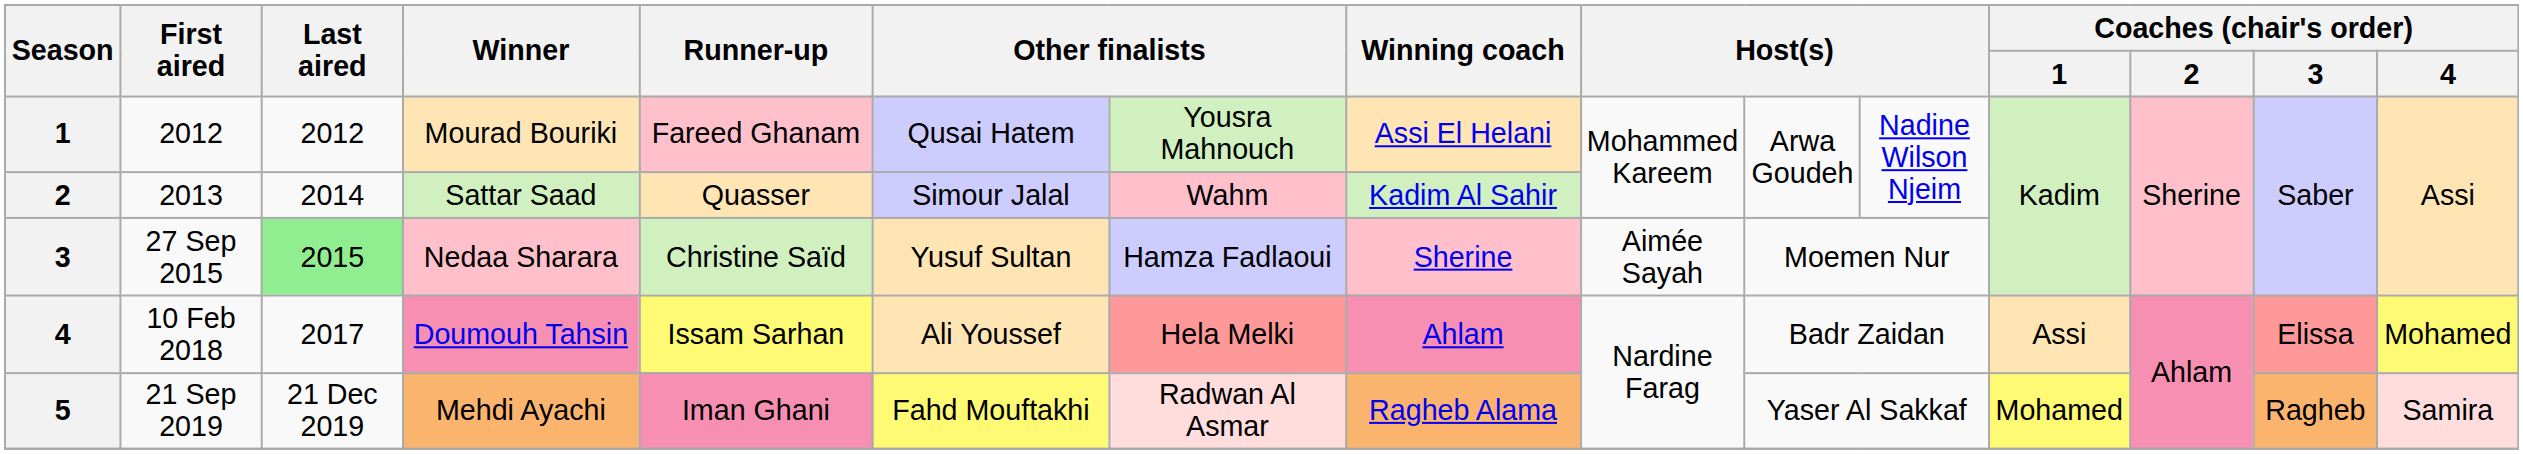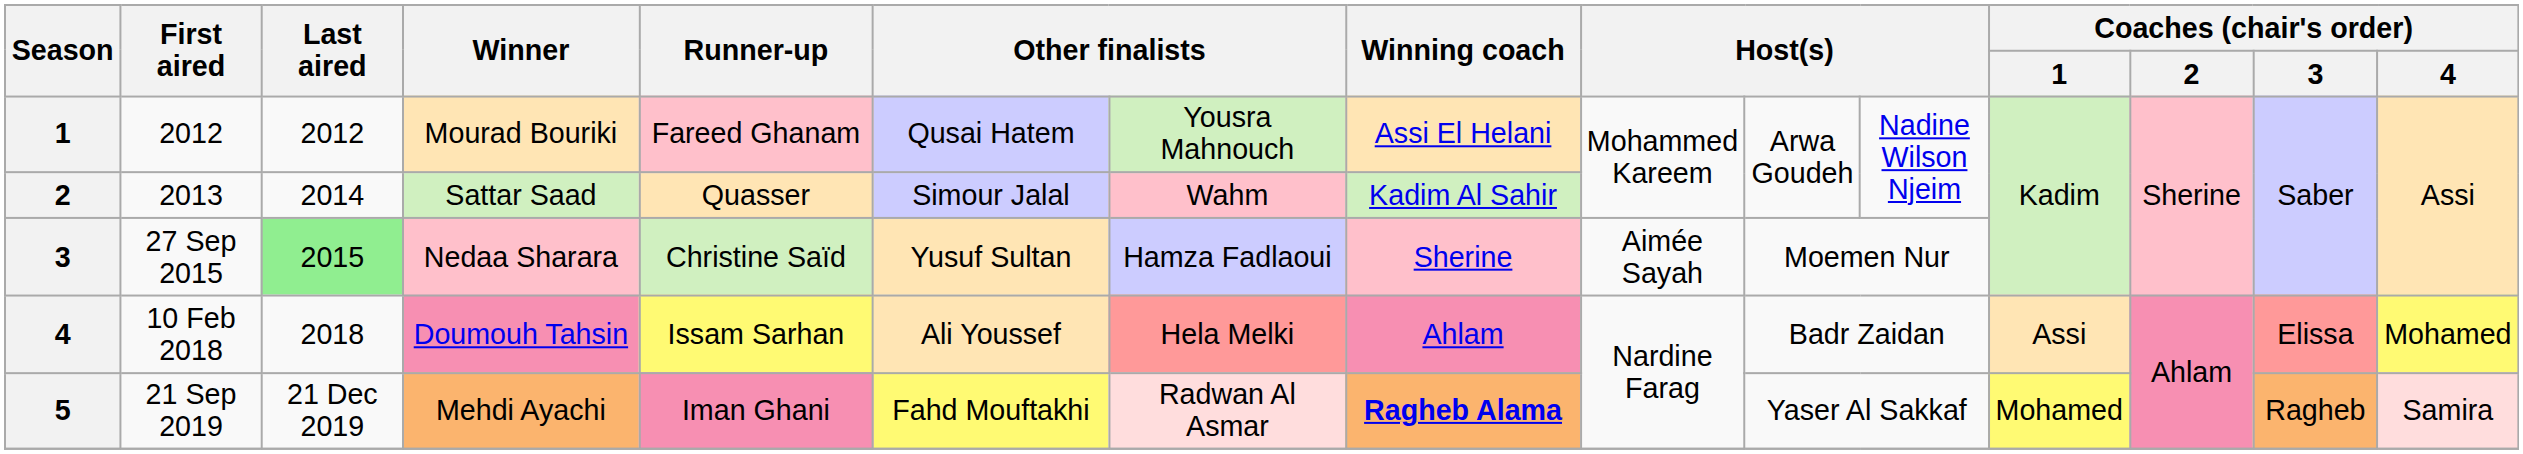 <table class="wikitable" style="text-align:center; font-size:90%; line-height:16px;" width="100%">
 <tr>
 <th width="4%" rowspan="2" scope="col">Season</th>
 <th width="6%" rowspan="2" scope="col">First aired</th>
 <th width="6%" rowspan="2" scope="col">Last aired</th>
 <th scope="col" rowspan="2" width="10%">Winner</th>
 <th scope="col" rowspan="2" width="10%">Runner-up</th>
 <th scope="col" rowspan="2" colspan="2" width="20%">Other finalists</th>
 <th scope="col" rowspan="2" width="10%">Winning coach</th>
 <th scope="col" colspan=3 rowspan="2" width="14%">Host(s)</th>
 <th scope="col" colspan="4" width="24%">Coaches (chair's order)</th>
 </tr>
 <tr>
 <th style="width:5%">1</th>
 <th style="width:5%">2</th>
 <th style="width:5%">3</th>
 <th style="width:5%">4</th>
 </tr>
 <tr>
 <th>1</th>
 <td> 2012</td>
 <td> 2012</td>
 <td style="background:#ffe5b4;">Mourad Bouriki</td>
 <td style="background:pink">Fareed Ghanam</td>
 <td width="10%" style="background:#ccf;">Qusai Hatem</td>
 <td width="10%" style="background:#d0f0c0 ;">Yousra Mahnouch</td>
 <td rowspan="1" style="background:#ffe5b4;"><a href='#'>Assi El Helani</a></td>
 <td rowspan="2">Mohammed Kareem</td>
 <td rowspan=2>Arwa Goudeh</td>
 <td rowspan=2><a href='#'>Nadine Wilson Njeim</a></td>
 <td rowspan="3" style="background:#d0f0c0">Kadim</td>
 <td rowspan="3" style="background:pink">Sherine</td>
 <td rowspan="3" style="background:#ccf">Saber</td>
 <td rowspan="3" style="background:#ffe5b4;">Assi</td>
 </tr>
 <tr>
 <th>2</th>
 <td> 2013</td>
 <td> 2014</td>
 <td rowspan="1" style="background:#d0f0c0;">Sattar Saad</td>
 <td rowspan="1" style="background:#ffe5b4;"> Quasser</td>
 <td style="background:#ccf;">Simour Jalal</td>
 <td style="background:pink">Wahm</td>
 <td style="background:#d0f0c0;"><a href='#'>Kadim Al Sahir</a></td>
 </tr>
 <tr>
 <th>3</th>
 <td>27 Sep 2015</td>
 <td style="background: lightgreen;"> 2015</td>
 <td style="background:pink;">Nedaa Sharara</td>
 <td style="background:#d0f0c0">Christine Saïd</td>
 <td style="background:#ffe5b4;">Yusuf Sultan</td>
 <td style="background:#ccf;">Hamza Fadlaoui</td>
 <td rowspan="1" style="background:pink;"><a href='#'>Sherine</a></td>
 <td>Aimée Sayah</td>
 <td colspan="2">Moemen Nur</td>
 </tr>
 <tr>
 <th>4</th>
 <td>10 Feb 2018</td>
-<td> 2017</td>
+<td> 2018</td>
 <td style="background:#f78fb2;"><a href='#'>Doumouh Tahsin</a></td>
 <td style="background:#fffa73">Issam Sarhan</td>
 <td style="background:#ffe5b4;">Ali Youssef</td>
 <td style="background:#ff9999;">Hela Melki</td>
 <td rowspan="1" style="background:#f78fb2;"><a href='#'>Ahlam</a></td>
 <td rowspan="2">Nardine Farag</td>
 <td colspan="2">Badr Zaidan</td>
 <td style="background:#ffe5b4">Assi</td>
 <td rowspan="2" style="background:#f78fb2">Ahlam</td>
 <td rowspan="1" style="background:#ff9999">Elissa</td>
 <td rowspan="1" style="background:#fffa73">Mohamed</td>
 </tr>
 <tr>
 <th>5</th>
 <td>21 Sep 2019</td>
 <td>21 Dec 2019</td>
 <td style="background:#fbb46e">Mehdi Ayachi</td>
 <td style="background:#f78fb2">Iman Ghani</td>
 <td style="background:#fffa73">Fahd Mouftakhi</td>
 <td style="background:#ffdddd">Radwan Al Asmar</td>
-<td style="background:#fbb46e"><a href='#'>Ragheb Alama</a></td>
+<td style="background:#fbb46e"><strong><a href='#'>Ragheb Alama</a></strong></td>
 <td colspan="2">Yaser Al Sakkaf</td>
 <td rowspan="1" style="background:#fffa73">Mohamed</td>
 <td rowspan="1" style="background:#fbb46e">Ragheb</td>
 <td rowspan="1" style="background:#ffdddd">Samira</td>
 </tr>
 <tr>
 </tr>
 </table>
